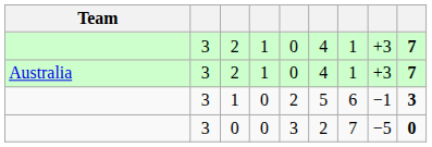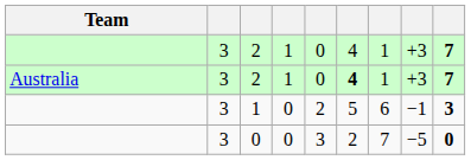 <table class="wikitable" style="text-align: center;">
 <tr>
 <th width="165">Team</th>
 <th width="20"></th>
 <th width="20"></th>
 <th width="20"></th>
 <th width="20"></th>
 <th width="20"></th>
 <th width="20"></th>
 <th width="20"></th>
 <th width="20"></th>
 </tr>
 <tr bgcolor=ccffcc>
 <td align=left></td>
 <td>3</td>
 <td>2</td>
 <td>1</td>
 <td>0</td>
 <td>4</td>
 <td>1</td>
 <td>+3</td>
 <td><strong>7</strong></td>
 </tr>
 <tr bgcolor=ccffcc>
 <td align=left> <a href='#'>Australia</a></td>
 <td>3</td>
 <td>2</td>
 <td>1</td>
 <td>0</td>
-<td>4</td>
+<td><strong>4</strong></td>
 <td>1</td>
 <td>+3</td>
 <td><strong>7</strong></td>
 </tr>
 <tr>
 <td align=left></td>
 <td>3</td>
 <td>1</td>
 <td>0</td>
 <td>2</td>
 <td>5</td>
 <td>6</td>
 <td>−1</td>
 <td><strong>3</strong></td>
 </tr>
 <tr>
 <td align=left></td>
 <td>3</td>
 <td>0</td>
 <td>0</td>
 <td>3</td>
 <td>2</td>
 <td>7</td>
 <td>−5</td>
 <td><strong>0</strong></td>
 </tr>
 </table>
